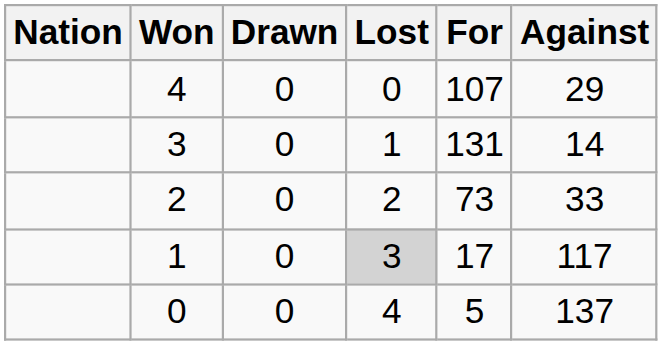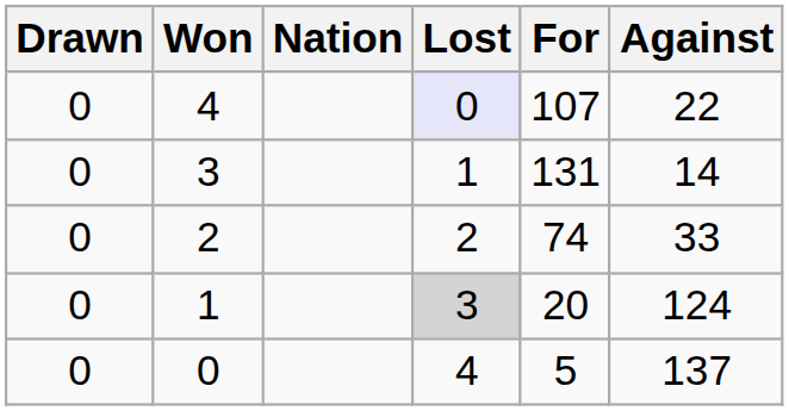 <table class="wikitable" style="text-align: center;">
 <tr>
+<th>Drawn</th>
+<th>Won</th>
 <th>Nation</th>
-<th>Won</th>
-<th>Drawn</th>
 <th>Lost</th>
 <th>For</th>
 <th>Against</th>
 </tr>
 <tr>
+<td>0</td>
+<td>4</td>
 <td align="left"></td>
-<td>4</td>
-<td>0</td>
-<td>0</td>
+<td style="background: lavender;">0</td>
 <td>107</td>
-<td>29</td>
+<td>22</td>
 </tr>
 <tr>
+<td>0</td>
+<td>3</td>
 <td align="left"></td>
-<td>3</td>
-<td>0</td>
 <td>1</td>
 <td>131</td>
 <td>14</td>
 </tr>
 <tr>
+<td>0</td>
+<td>2</td>
 <td align="left"></td>
 <td>2</td>
-<td>0</td>
-<td>2</td>
-<td>73</td>
+<td>74</td>
 <td>33</td>
 </tr>
 <tr>
+<td>0</td>
+<td>1</td>
 <td align="left"></td>
-<td>1</td>
-<td>0</td>
 <td style="background: lightgrey;">3</td>
-<td>17</td>
-<td>117</td>
+<td>20</td>
+<td>124</td>
 </tr>
 <tr>
-<td align="left"></td>
 <td>0</td>
 <td>0</td>
+<td align="left"></td>
 <td>4</td>
 <td>5</td>
 <td>137</td>
 </tr>
 </table>
